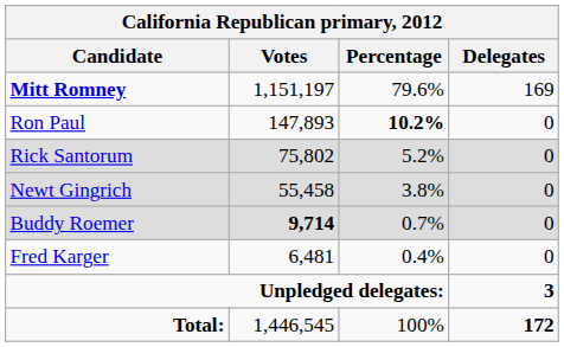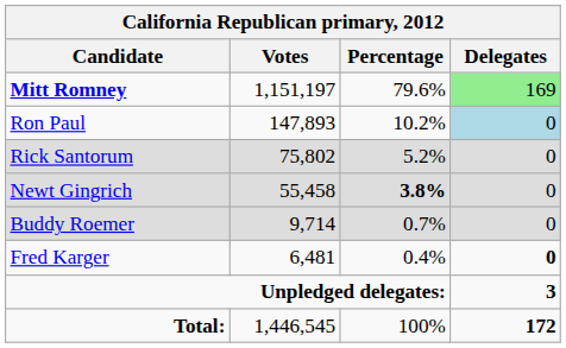 <table class="wikitable" style="font-size: 95%;">
 <tr bgcolor="#e9e9e9">
 <th colspan="4">California Republican primary, 2012</th>
 </tr>
 <tr>
 <th rowspan="1" width="160px">Candidate</th>
 <th rowspan="1" width="75px">Votes</th>
 <th rowspan="1" width="75px">Percentage</th>
 <th rowspan="1" width="75px">Delegates</th>
 </tr>
 <tr align="right">
 <td align="left"><strong> <a href='#'>Mitt Romney</a></strong></td>
 <td>1,151,197</td>
 <td>79.6%</td>
-<td>169</td>
+<td style="background: lightgreen;">169</td>
 </tr>
 <tr align="right">
 <td align="left"><a href='#'>Ron Paul</a></td>
 <td>147,893</td>
-<td><strong>10.2%</strong></td>
-<td>0</td>
+<td>10.2%</td>
+<td style="background: lightblue;">0</td>
 </tr>
 <tr align="right" bgcolor=DDDDDD>
 <td align="left"><a href='#'>Rick Santorum</a></td>
 <td>75,802</td>
 <td>5.2%</td>
 <td>0</td>
 </tr>
 <tr align="right" bgcolor=DDDDDD>
 <td align="left"><a href='#'>Newt Gingrich</a></td>
 <td>55,458</td>
-<td>3.8%</td>
+<td><strong>3.8%</strong></td>
 <td>0</td>
 </tr>
 <tr align="right" bgcolor=DDDDDD>
 <td align="left"><a href='#'>Buddy Roemer</a></td>
-<td><strong>9,714</strong></td>
+<td>9,714</td>
 <td>0.7%</td>
 <td>0</td>
 </tr>
 <tr align="right">
 <td align="left"><a href='#'>Fred Karger</a></td>
 <td>6,481</td>
 <td>0.4%</td>
-<td>0</td>
+<td><strong>0</strong></td>
 </tr>
 <tr align="right">
 <td colspan="3"><strong>Unpledged delegates:</strong></td>
 <td><strong>3</strong></td>
 </tr>
 <tr align="right">
 <td><strong>Total:</strong></td>
 <td>1,446,545</td>
 <td>100%</td>
 <td><strong>172</strong></td>
 </tr>
 </table>
